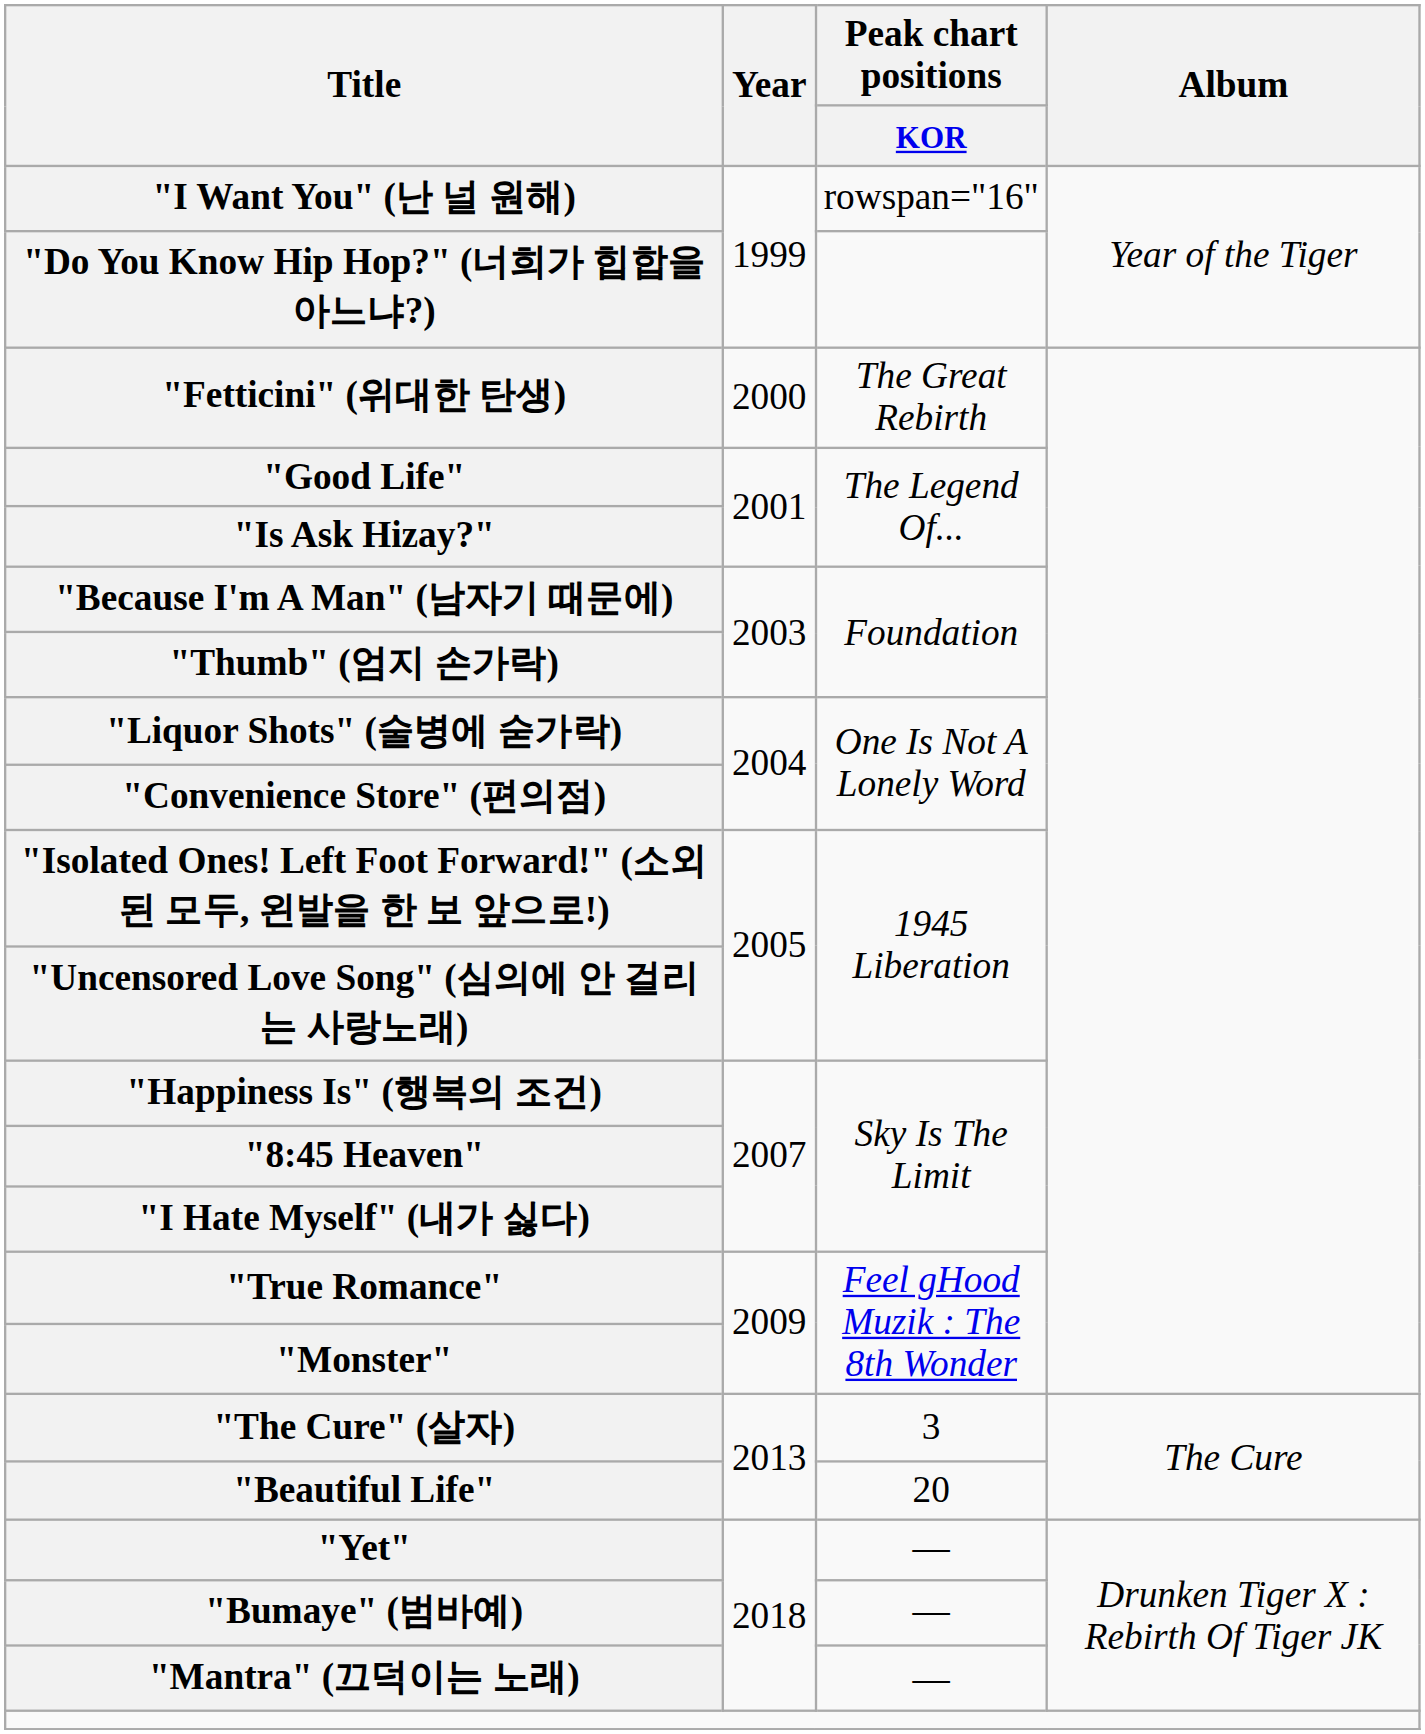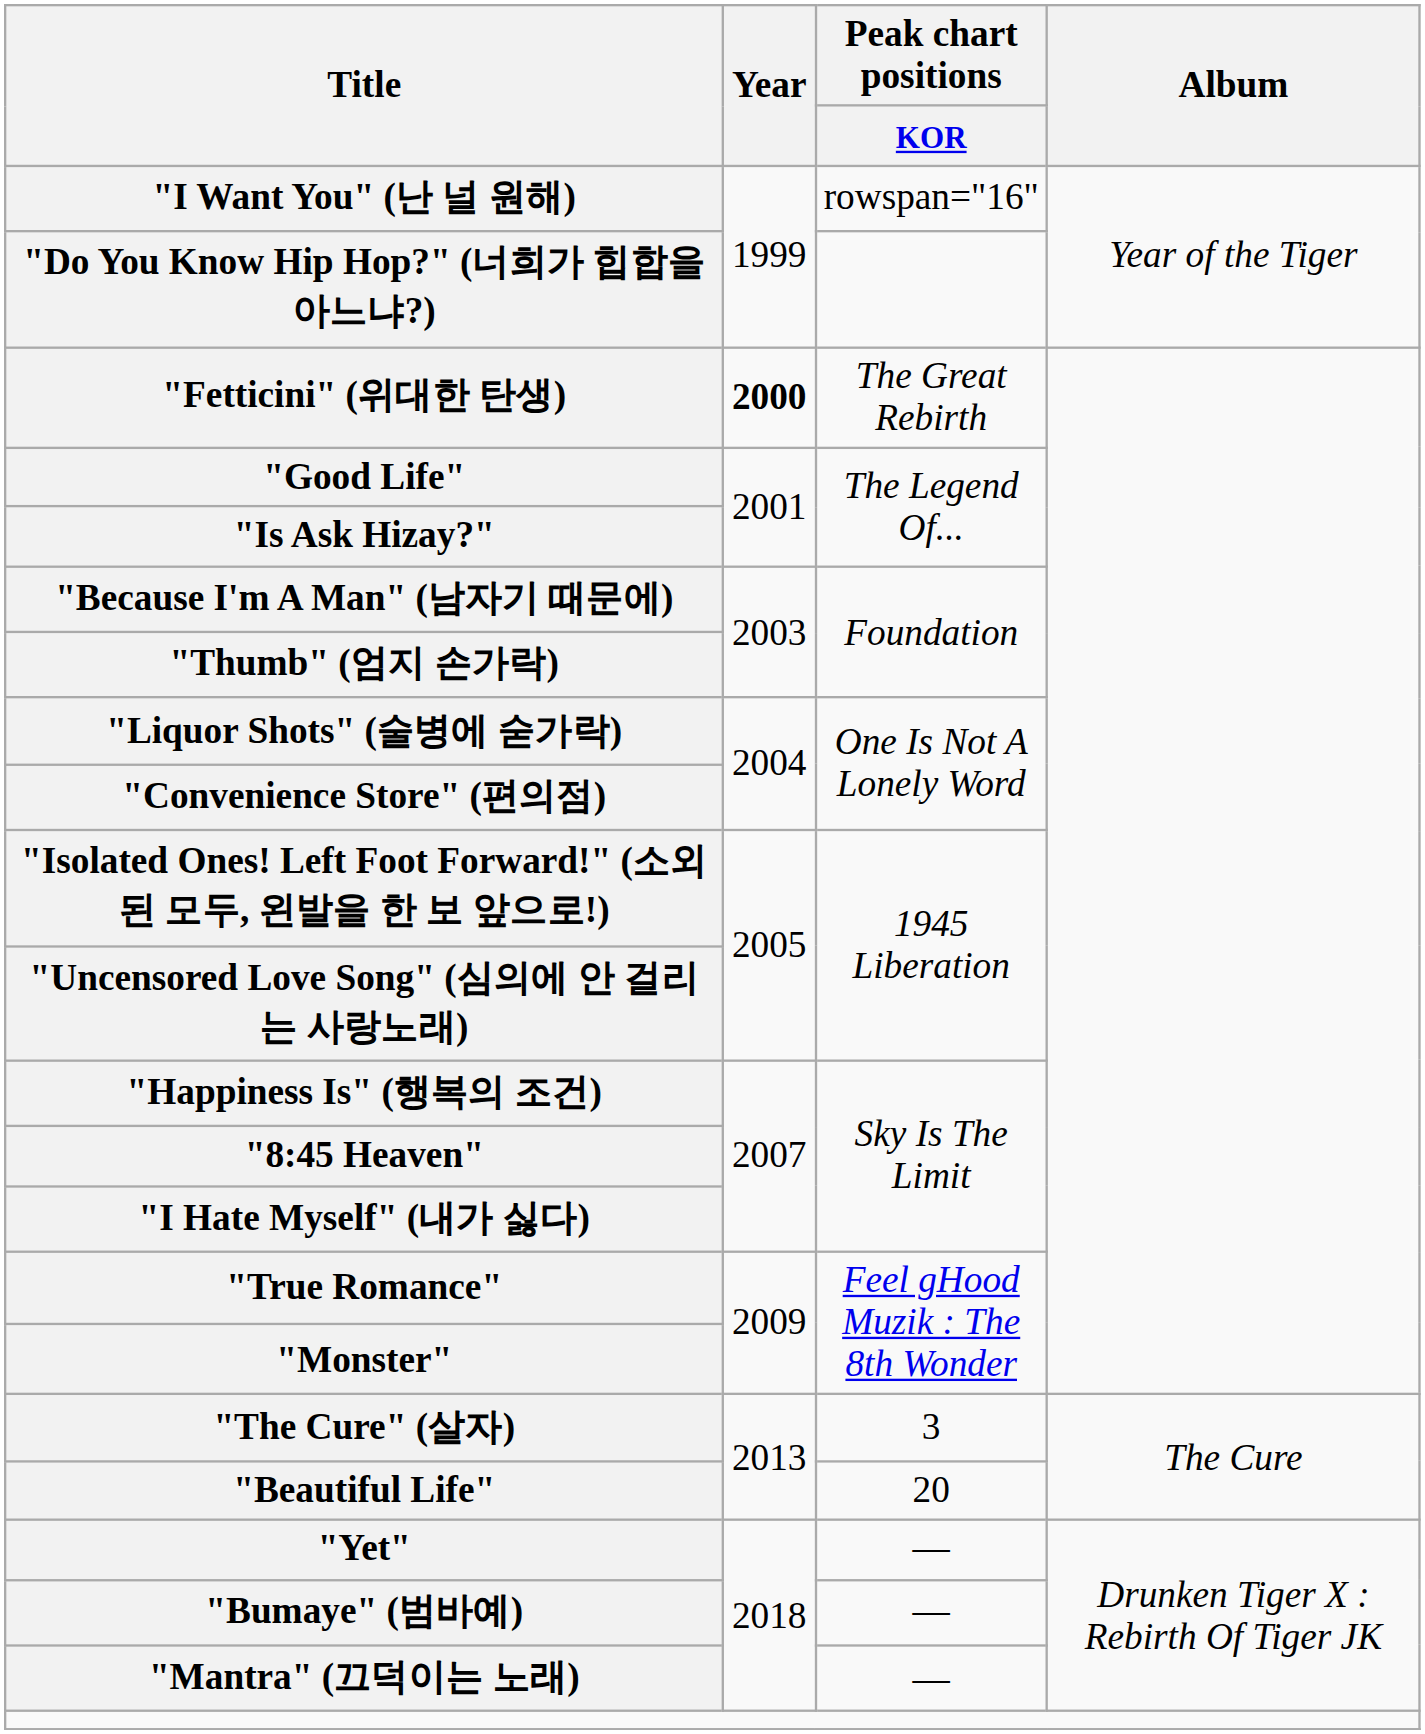 <table class="wikitable plainrowheaders" style="text-align:center;">
 <tr>
 <th scope="col" rowspan="2">Title</th>
 <th scope="col" rowspan="2">Year</th>
 <th scope="col" colspan="1" style="width:5em;">Peak chart positions</th>
 <th scope="col" rowspan="2">Album</th>
 </tr>
 <tr>
 <th><small><a href='#'>KOR</a></small><br></th>
 </tr>
 <tr>
 <th scope="row">"I Want You" (난 널 원해)</th>
 <td rowspan="2">1999</td>
 <td>rowspan="16" </td>
 <td rowspan="2"><em>Year of the Tiger</em></td>
 </tr>
 <tr>
 <th scope="row">"Do You Know Hip Hop?" (너희가 힙합을 아느냐?)</th>
 </tr>
 <tr>
 <th scope="row">"Fetticini" (위대한 탄생)</th>
-<td>2000</td>
+<td><strong>2000</strong></td>
 <td><em>The Great Rebirth</em></td>
 </tr>
 <tr>
 <th scope="row">"Good Life"</th>
 <td rowspan="2">2001</td>
 <td rowspan="2"><em>The Legend Of...</em></td>
 </tr>
 <tr>
 <th scope="row">"Is Ask Hizay?"</th>
 </tr>
 <tr>
 <th scope="row">"Because I'm A Man" (남자기 때문에)</th>
 <td rowspan="2">2003</td>
 <td rowspan="2"><em>Foundation</em></td>
 </tr>
 <tr>
 <th scope="row">"Thumb" (엄지 손가락)</th>
 </tr>
 <tr>
 <th scope="row">"Liquor Shots" (술병에 숟가락)<br></th>
 <td rowspan="2">2004</td>
 <td rowspan="2"><em>One Is Not A Lonely Word</em></td>
 </tr>
 <tr>
 <th scope="row">"Convenience Store" (편의점)<br></th>
 </tr>
 <tr>
 <th scope="row">"Isolated Ones! Left Foot Forward!" (소외된 모두, 왼발을 한 보 앞으로!)</th>
 <td rowspan="2">2005</td>
 <td rowspan="2"><em>1945 Liberation</em></td>
 </tr>
 <tr>
 <th scope="row">"Uncensored Love Song" (심의에 안 걸리는 사랑노래)</th>
 </tr>
 <tr>
 <th scope="row">"Happiness Is" (행복의 조건)</th>
 <td rowspan="3">2007</td>
 <td rowspan="3"><em>Sky Is The Limit</em></td>
 </tr>
 <tr>
 <th scope="row">"8:45 Heaven"</th>
 </tr>
 <tr>
 <th scope="row">"I Hate Myself" (내가 싫다)</th>
 </tr>
 <tr>
 <th scope="row">"True Romance"<br></th>
 <td rowspan="2">2009</td>
 <td rowspan="2"><em><a href='#'>Feel gHood Muzik : The 8th Wonder</a></em></td>
 </tr>
 <tr>
 <th scope="row">"Monster"</th>
 </tr>
 <tr>
 <th scope="row">"The Cure" (살자)<br></th>
 <td rowspan="2">2013</td>
 <td>3</td>
 <td rowspan="2"><em>The Cure</em></td>
 </tr>
 <tr>
 <th scope="row">"Beautiful Life"<br></th>
 <td>20</td>
 </tr>
 <tr>
 <th scope="row">"Yet"</th>
 <td rowspan="3">2018</td>
 <td>—</td>
 <td rowspan="3"><em>Drunken Tiger X : Rebirth Of Tiger JK</em></td>
 </tr>
 <tr>
 <th scope="row">"Bumaye" (범바예)</th>
 <td>—</td>
 </tr>
 <tr>
 <th scope="row">"Mantra" (끄덕이는 노래)</th>
 <td>—</td>
 </tr>
 <tr>
 <td colspan="4"></td>
 </tr>
 <tr>
 </tr>
 </table>
